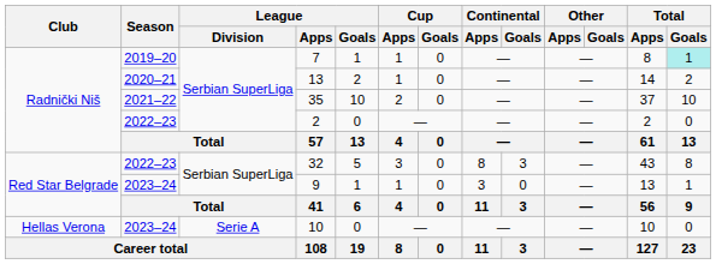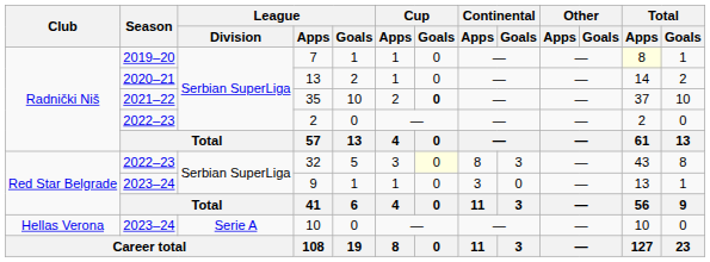 <table class="wikitable" style="text-align: center;font-size:95%">
 <tr>
 <th rowspan="2">Club</th>
 <th rowspan="2">Season</th>
 <th colspan="3">League</th>
 <th colspan="2">Cup</th>
 <th colspan="2">Continental</th>
 <th colspan="2">Other</th>
 <th colspan="2">Total</th>
 </tr>
 <tr>
 <th>Division</th>
 <th>Apps</th>
 <th>Goals</th>
 <th>Apps</th>
 <th>Goals</th>
 <th>Apps</th>
 <th>Goals</th>
 <th>Apps</th>
 <th>Goals</th>
 <th>Apps</th>
 <th>Goals</th>
 </tr>
 <tr>
 <td rowspan=5><a href='#'>Radnički Niš</a></td>
 <td><a href='#'>2019–20</a></td>
 <td rowspan=4><a href='#'>Serbian SuperLiga</a></td>
 <td>7</td>
 <td>1</td>
 <td>1</td>
 <td>0</td>
 <td colspan="2">—</td>
 <td colspan="2">—</td>
-<td>8</td>
-<td style="background: paleturquoise;">1</td>
+<td style="background: lightyellow;">8</td>
+<td>1</td>
 </tr>
 <tr>
 <td><a href='#'>2020–21</a></td>
 <td>13</td>
 <td>2</td>
 <td>1</td>
 <td>0</td>
 <td colspan="2">—</td>
 <td colspan="2">—</td>
 <td>14</td>
 <td>2</td>
 </tr>
 <tr>
 <td><a href='#'>2021–22</a></td>
 <td>35</td>
 <td>10</td>
 <td>2</td>
-<td>0</td>
+<td><strong>0</strong></td>
 <td colspan="2">—</td>
 <td colspan="2">—</td>
 <td>37</td>
 <td>10</td>
 </tr>
 <tr>
 <td><a href='#'>2022–23</a></td>
 <td>2</td>
 <td>0</td>
 <td colspan="2">—</td>
 <td colspan="2">—</td>
 <td colspan="2">—</td>
 <td>2</td>
 <td>0</td>
 </tr>
 <tr>
 <th colspan="2">Total</th>
 <th>57</th>
 <th>13</th>
 <th>4</th>
 <th>0</th>
 <th colspan="2">—</th>
 <th colspan="2">—</th>
 <th>61</th>
 <th>13</th>
 </tr>
 <tr>
 <td rowspan="3" valign="center"><a href='#'>Red Star Belgrade</a></td>
 <td><a href='#'>2022–23</a></td>
 <td rowspan=2>Serbian SuperLiga</td>
 <td>32</td>
 <td>5</td>
 <td>3</td>
-<td>0</td>
+<td style="background: lightyellow;">0</td>
 <td>8</td>
 <td>3</td>
 <td colspan="2">—</td>
 <td>43</td>
 <td>8</td>
 </tr>
 <tr>
 <td><a href='#'>2023–24</a></td>
 <td>9</td>
 <td>1</td>
 <td>1</td>
 <td>0</td>
 <td>3</td>
 <td>0</td>
 <td colspan="2">—</td>
 <td>13</td>
 <td>1</td>
 </tr>
 <tr>
 <th colspan="2">Total</th>
 <th>41</th>
 <th>6</th>
 <th>4</th>
 <th>0</th>
 <th>11</th>
 <th>3</th>
 <th colspan="2">—</th>
 <th>56</th>
 <th>9</th>
 </tr>
 <tr>
 <td rowspan="1" valign="center"><a href='#'>Hellas Verona</a></td>
 <td><a href='#'>2023–24</a></td>
 <td rowspan=1><a href='#'>Serie A</a></td>
 <td>10</td>
 <td>0</td>
 <td colspan="2">—</td>
 <td colspan="2">—</td>
 <td colspan="2">—</td>
 <td>10</td>
 <td>0</td>
 </tr>
 <tr>
 <th colspan="3">Career total</th>
 <th>108</th>
 <th>19</th>
 <th>8</th>
 <th>0</th>
 <th>11</th>
 <th>3</th>
 <th colspan="2">—</th>
 <th>127</th>
 <th>23</th>
 </tr>
 </table>
